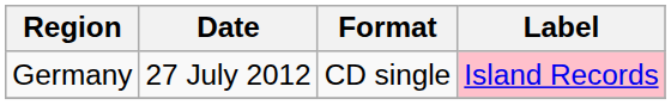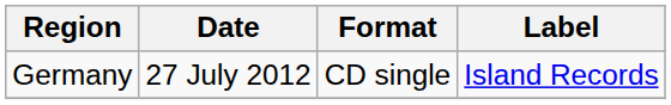 <table class=wikitable>
 <tr>
 <th>Region</th>
 <th>Date</th>
 <th>Format</th>
 <th>Label</th>
 </tr>
 <tr>
 <td>Germany</td>
 <td>27 July 2012</td>
 <td>CD single</td>
-<td style="background: pink;"><a href='#'>Island Records</a></td>
+<td><a href='#'>Island Records</a></td>
 </tr>
 <tr>
 </tr>
 </table>
